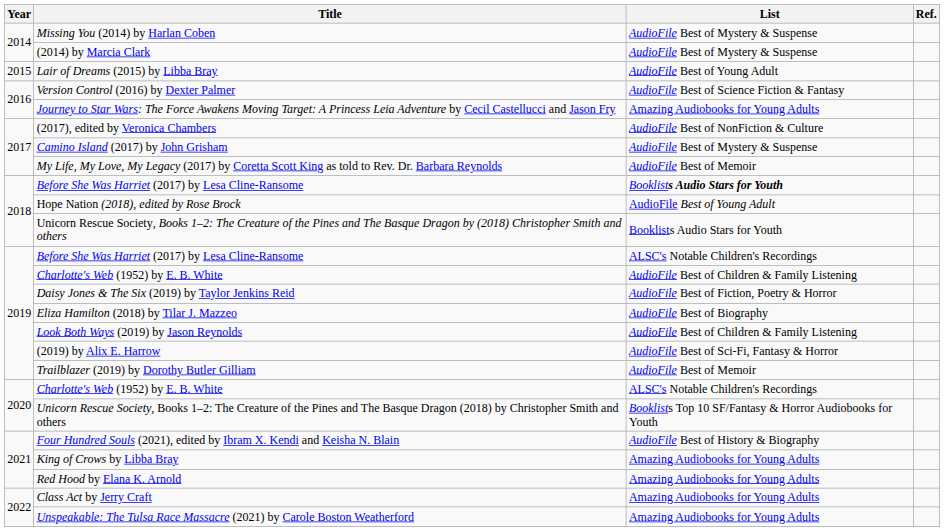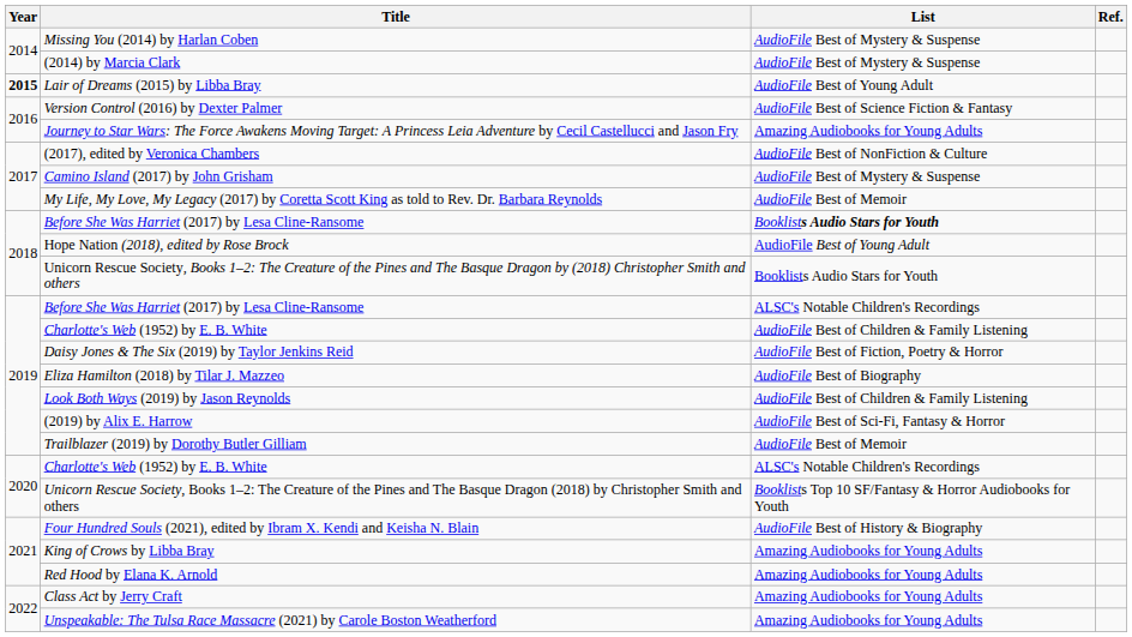 <table class="wikitable sortable mw-collapsible">
 <tr>
 <th>Year</th>
 <th>Title</th>
 <th>List</th>
 <th>Ref.</th>
 </tr>
 <tr>
 <td rowspan="2">2014</td>
 <td><em>Missing You</em> (2014) by <a href='#'>Harlan Coben</a></td>
 <td><em><a href='#'>AudioFile</a></em> Best of Mystery & Suspense</td>
 <td></td>
 </tr>
 <tr>
 <td><em></em> (2014) by <a href='#'>Marcia Clark</a></td>
 <td><em><a href='#'>AudioFile</a></em> Best of Mystery & Suspense</td>
 <td></td>
 </tr>
 <tr>
-<td>2015</td>
+<td><strong>2015</strong></td>
 <td><em>Lair of Dreams</em> (2015) by <a href='#'>Libba Bray</a></td>
 <td><em><a href='#'>AudioFile</a></em> Best of Young Adult</td>
 <td></td>
 </tr>
 <tr>
 <td rowspan="2">2016</td>
 <td><em>Version Control</em> (2016) by <a href='#'>Dexter Palmer</a></td>
 <td><em><a href='#'>AudioFile</a></em> Best of Science Fiction & Fantasy</td>
 <td></td>
 </tr>
 <tr>
 <td><em><a href='#'>Journey to Star Wars</a>: The Force Awakens Moving Target: A Princess Leia Adventure</em> by <a href='#'>Cecil Castellucci</a> and <a href='#'>Jason Fry</a></td>
 <td><a href='#'>Amazing Audiobooks for Young Adults</a></td>
 <td></td>
 </tr>
 <tr>
 <td rowspan="3">2017</td>
 <td><em></em> (2017), edited by <a href='#'>Veronica Chambers</a></td>
 <td><em><a href='#'>AudioFile</a></em> Best of NonFiction & Culture</td>
 <td></td>
 </tr>
 <tr>
 <td><em><a href='#'>Camino Island</a></em> (2017) by <a href='#'>John Grisham</a></td>
 <td><em><a href='#'>AudioFile</a></em> Best of Mystery & Suspense</td>
 <td></td>
 </tr>
 <tr>
 <td><em>My Life, My Love, My Legacy</em> (2017) by <a href='#'>Coretta Scott King</a> as told to Rev. Dr. <a href='#'>Barbara Reynolds</a></td>
 <td><em><a href='#'>AudioFile</a></em> Best of Memoir</td>
 <td></td>
 </tr>
 <tr>
 <td rowspan="3">2018</td>
 <td><em><a href='#'>Before She Was Harriet</a></em> (2017) by <a href='#'>Lesa Cline-Ransome</a></td>
 <td><em><a href='#'>Booklist</a><strong>s Audio Stars for Youth</td>
 <td></td>
 </tr>
 <tr>
 <td></em>Hope Nation<em> (2018), edited by Rose Brock</td>
 <td></em><a href='#'>AudioFile</a><em> Best of Young Adult</td>
 <td></td>
 </tr>
 <tr>
 <td></em>Unicorn Rescue Society<em>, Books 1–2: The Creature of the Pines and The Basque Dragon by (2018) Christopher Smith and others</td>
 <td></em><a href='#'>Booklist</a></strong>s Audio Stars for Youth</td>
 <td></td>
 </tr>
 <tr>
 <td rowspan="7">2019</td>
 <td><em><a href='#'>Before She Was Harriet</a></em> (2017) by <a href='#'>Lesa Cline-Ransome</a></td>
 <td><a href='#'>ALSC's</a> Notable Children's Recordings</td>
 <td></td>
 </tr>
 <tr>
 <td><em><a href='#'>Charlotte's Web</a></em> (1952) by <a href='#'>E. B. White</a></td>
 <td><em><a href='#'>AudioFile</a></em> Best of Children & Family Listening</td>
 <td></td>
 </tr>
 <tr>
 <td><em>Daisy Jones & The Six</em> (2019) by <a href='#'>Taylor Jenkins Reid</a></td>
 <td><em><a href='#'>AudioFile</a></em> Best of Fiction, Poetry & Horror</td>
 <td></td>
 </tr>
 <tr>
 <td><em>Eliza Hamilton</em> (2018) by <a href='#'>Tilar J. Mazzeo</a></td>
 <td><em><a href='#'>AudioFile</a></em> Best of Biography</td>
 <td></td>
 </tr>
 <tr>
 <td><em><a href='#'>Look Both Ways</a></em> (2019) by <a href='#'>Jason Reynolds</a></td>
 <td><em><a href='#'>AudioFile</a></em> Best of Children & Family Listening</td>
 <td></td>
 </tr>
 <tr>
 <td><em></em> (2019) by <a href='#'>Alix E. Harrow</a></td>
 <td><em><a href='#'>AudioFile</a></em> Best of Sci-Fi, Fantasy & Horror</td>
 <td></td>
 </tr>
 <tr>
 <td><em>Trailblazer</em> (2019) by <a href='#'>Dorothy Butler Gilliam</a></td>
 <td><em><a href='#'>AudioFile</a></em> Best of Memoir</td>
 <td></td>
 </tr>
 <tr>
 <td rowspan="2">2020</td>
 <td><em><a href='#'>Charlotte's Web</a></em> (1952) by <a href='#'>E. B. White</a></td>
 <td><a href='#'>ALSC's</a> Notable Children's Recordings</td>
 <td></td>
 </tr>
 <tr>
 <td><em>Unicorn Rescue Society</em>, Books 1–2: The Creature of the Pines and The Basque Dragon (2018) by Christopher Smith and others</td>
 <td><em><a href='#'>Booklist</a></em>s Top 10 SF/Fantasy & Horror Audiobooks for Youth</td>
 <td></td>
 </tr>
 <tr>
 <td rowspan="3">2021</td>
 <td><em><a href='#'>Four Hundred Souls</a></em> (2021), edited by <a href='#'>Ibram X. Kendi</a> and <a href='#'>Keisha N. Blain</a></td>
 <td><em><a href='#'>AudioFile</a></em> Best of History & Biography</td>
 <td></td>
 </tr>
 <tr>
 <td><em>King of Crows</em> by <a href='#'>Libba Bray</a></td>
 <td><a href='#'>Amazing Audiobooks for Young Adults</a></td>
 <td></td>
 </tr>
 <tr>
 <td><em>Red Hood</em> by <a href='#'>Elana K. Arnold</a></td>
 <td><a href='#'>Amazing Audiobooks for Young Adults</a></td>
 <td></td>
 </tr>
 <tr>
 <td rowspan="2">2022</td>
 <td><em>Class Act</em> by <a href='#'>Jerry Craft</a></td>
 <td><a href='#'>Amazing Audiobooks for Young Adults</a></td>
 <td></td>
 </tr>
 <tr>
 <td><em><a href='#'>Unspeakable: The Tulsa Race Massacre</a></em> (2021) by <a href='#'>Carole Boston Weatherford</a></td>
 <td><a href='#'>Amazing Audiobooks for Young Adults</a></td>
 <td></td>
 </tr>
 </table>
